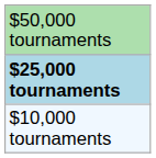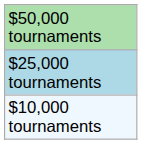 <table class="wikitable" style="font-size:90%;" width=13%>
 <tr style="background:#addfad;">
 <td>$50,000 tournaments</td>
 </tr>
 <tr style="background:lightblue;">
-<td><strong>$25,000 tournaments</strong></td>
+<td>$25,000 tournaments</td>
 </tr>
 <tr style="background:#f0f8ff;">
 <td>$10,000 tournaments</td>
 </tr>
 </table>
